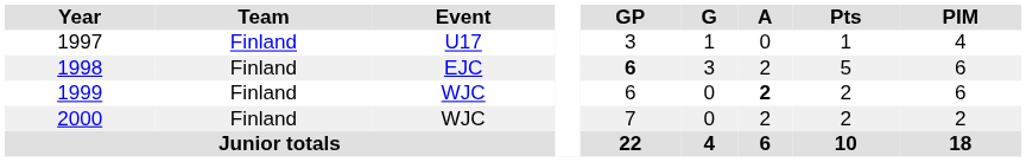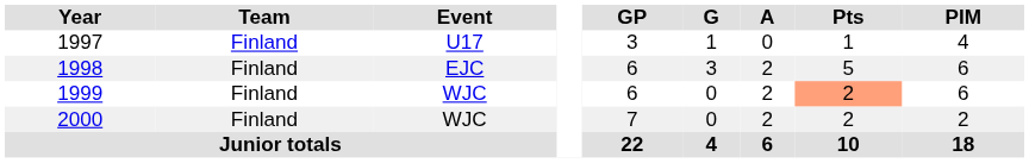 <table border="0" cellpadding="1" cellspacing="0" style="text-align:center; width:50em">
 <tr ALIGN="center" bgcolor="#e0e0e0">
 <th>Year</th>
 <th>Team</th>
 <th>Event</th>
 <th rowspan="99" bgcolor="#ffffff"> </th>
 <th>GP</th>
 <th>G</th>
 <th>A</th>
 <th>Pts</th>
 <th>PIM</th>
 </tr>
 <tr>
 <td>1997</td>
 <td><a href='#'>Finland</a></td>
 <td><a href='#'>U17</a></td>
 <td>3</td>
 <td>1</td>
 <td>0</td>
 <td>1</td>
 <td>4</td>
 </tr>
 <tr bgcolor="#f0f0f0">
 <td><a href='#'>1998</a></td>
 <td>Finland</td>
 <td><a href='#'>EJC</a></td>
-<td><strong>6</strong></td>
+<td>6</td>
 <td>3</td>
 <td>2</td>
 <td>5</td>
 <td>6</td>
 </tr>
 <tr>
 <td><a href='#'>1999</a></td>
 <td>Finland</td>
 <td><a href='#'>WJC</a></td>
 <td>6</td>
 <td>0</td>
-<td><strong>2</strong></td>
 <td>2</td>
+<td style="background: lightsalmon;">2</td>
 <td>6</td>
 </tr>
 <tr bgcolor="#f0f0f0">
 <td><a href='#'>2000</a></td>
 <td>Finland</td>
 <td>WJC</td>
 <td>7</td>
 <td>0</td>
 <td>2</td>
 <td>2</td>
 <td>2</td>
 </tr>
 <tr bgcolor="#e0e0e0">
 <th colspan="3">Junior totals</th>
 <th>22</th>
 <th>4</th>
 <th>6</th>
 <th>10</th>
 <th>18</th>
 </tr>
 </table>
